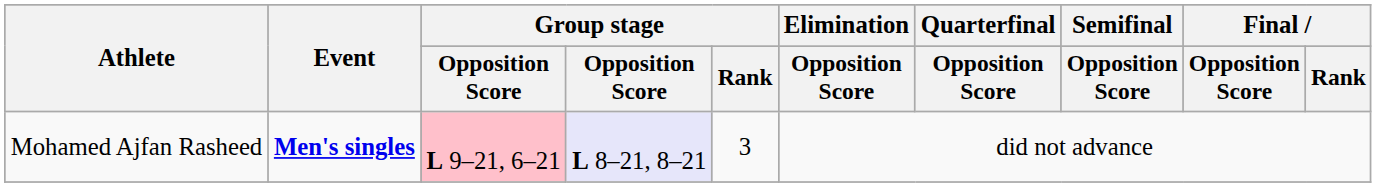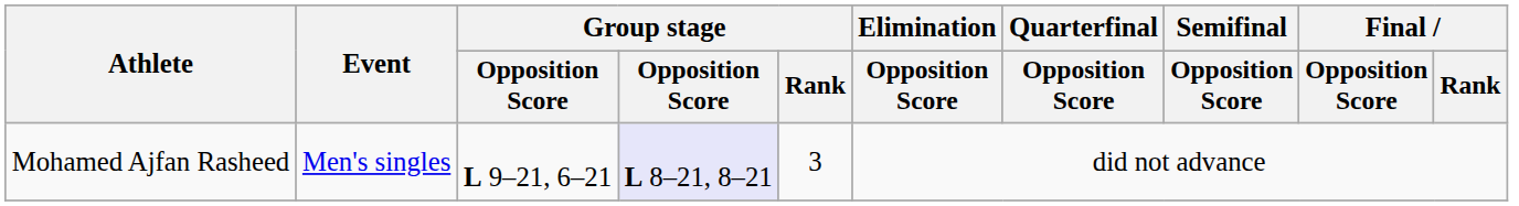 <table class="wikitable" style="font-size:90%">
 <tr>
 <th rowspan=2>Athlete</th>
 <th rowspan=2>Event</th>
 <th colspan=3>Group stage</th>
 <th>Elimination</th>
 <th>Quarterfinal</th>
 <th>Semifinal</th>
 <th colspan=2>Final / </th>
 </tr>
 <tr style="font-size:95%">
 <th>Opposition<br>Score</th>
 <th>Opposition<br>Score</th>
 <th>Rank</th>
 <th>Opposition<br>Score</th>
 <th>Opposition<br>Score</th>
 <th>Opposition<br>Score</th>
 <th>Opposition<br>Score</th>
 <th>Rank</th>
 </tr>
 <tr align=center>
 <td align=left>Mohamed Ajfan Rasheed</td>
-<td align=left><strong><a href='#'>Men's singles</a></strong></td>
-<td style="background: pink;"><br><strong>L</strong> 9–21, 6–21</td>
+<td align=left><a href='#'>Men's singles</a></td>
+<td><br><strong>L</strong> 9–21, 6–21</td>
 <td style="background: lavender;"><br><strong>L</strong> 8–21, 8–21</td>
 <td>3</td>
 <td colspan=5>did not advance</td>
 </tr>
 </table>
